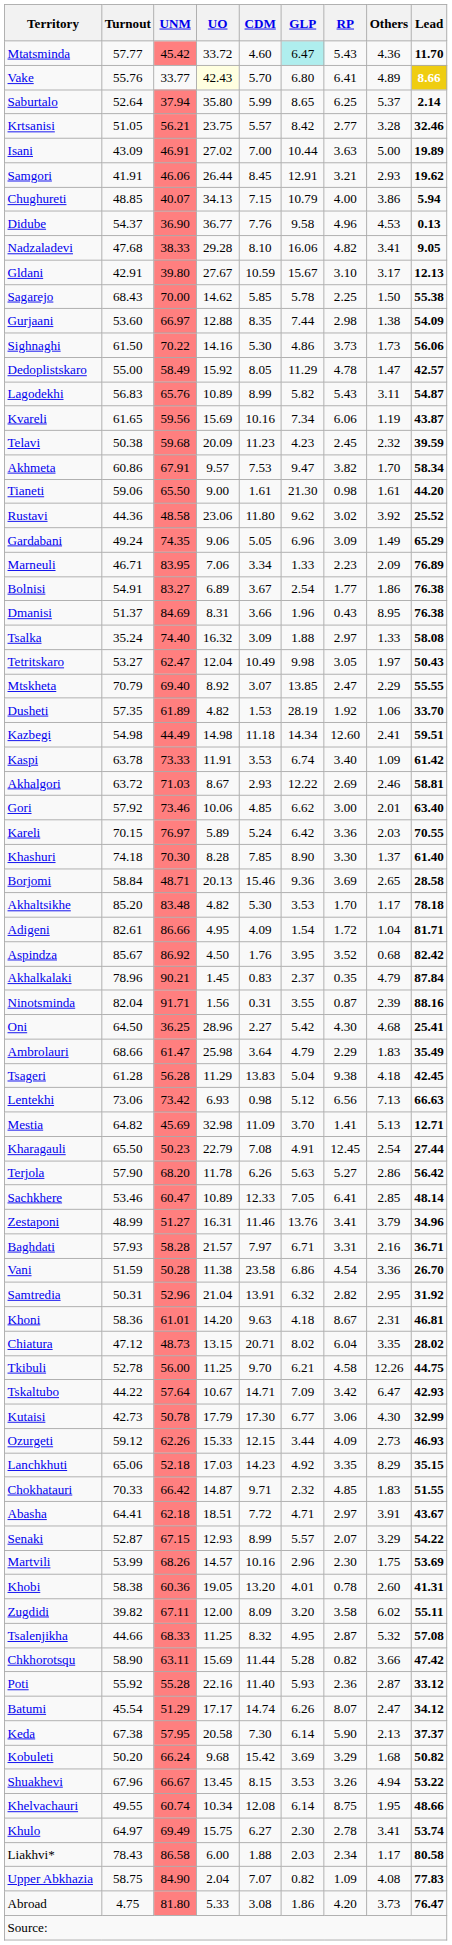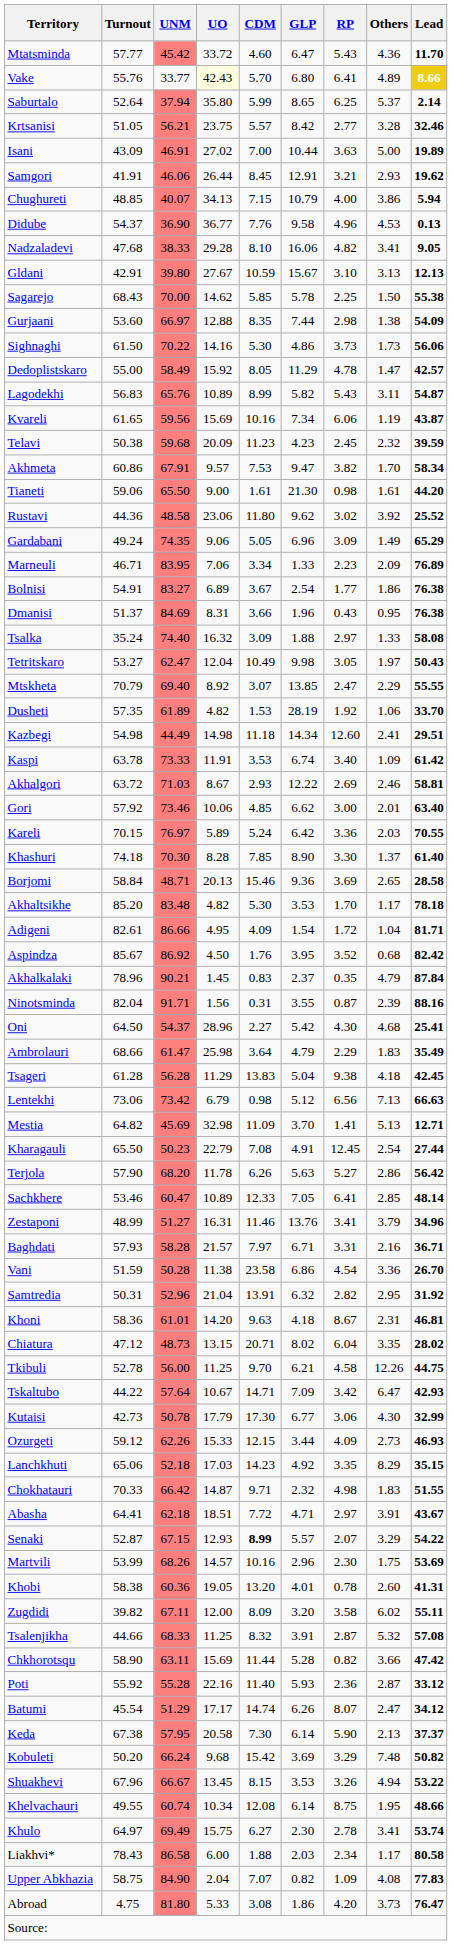 <table class="wikitable sortable" style="text-align:center;font-size:90%;line-height:20px">
 <tr style="height:40px;">
 <th style="width:100px;">Territory</th>
 <th style="width:40px;">Turnout</th>
 <th style="width:40px;"><a href='#'>UNM</a></th>
 <th style="width:40px;"><a href='#'>UO</a></th>
 <th style="width:40px;"><a href='#'>CDM</a></th>
 <th style="width:40px;"><a href='#'>GLP</a></th>
 <th style="width:40px;"><a href='#'>RP</a></th>
 <th style="width:40px;">Others</th>
 <th style="width:30px;">Lead</th>
 </tr>
 <tr>
 <td align="left"><a href='#'>Mtatsminda</a></td>
 <td>57.77</td>
 <td style="background:#FF7F7F;">45.42</td>
 <td>33.72</td>
 <td>4.60</td>
-<td style="background: paleturquoise;">6.47</td>
+<td>6.47</td>
 <td>5.43</td>
 <td>4.36</td>
 <td style="background:"><strong>11.70</strong></td>
 </tr>
 <tr>
 <td align="left"><a href='#'>Vake</a></td>
 <td>55.76</td>
 <td>33.77</td>
 <td style="background:#FFFFE0;">42.43</td>
 <td>5.70</td>
 <td>6.80</td>
 <td>6.41</td>
 <td>4.89</td>
 <td style="background:#EFCD10; color:white;"><strong>8.66</strong></td>
 </tr>
 <tr>
 <td align="left"><a href='#'>Saburtalo</a></td>
 <td>52.64</td>
 <td style="background:#FF7F7F;">37.94</td>
 <td>35.80</td>
 <td>5.99</td>
 <td>8.65</td>
 <td>6.25</td>
 <td>5.37</td>
 <td style="background:"><strong>2.14</strong></td>
 </tr>
 <tr>
 <td align="left"><a href='#'>Krtsanisi</a></td>
 <td>51.05</td>
 <td style="background:#FF7F7F;">56.21</td>
 <td>23.75</td>
 <td>5.57</td>
 <td>8.42</td>
 <td>2.77</td>
 <td>3.28</td>
 <td style="background:"><strong>32.46</strong></td>
 </tr>
 <tr>
 <td align="left"><a href='#'>Isani</a></td>
 <td>43.09</td>
 <td style="background:#FF7F7F;">46.91</td>
 <td>27.02</td>
 <td>7.00</td>
 <td>10.44</td>
 <td>3.63</td>
 <td>5.00</td>
 <td style="background:"><strong>19.89</strong></td>
 </tr>
 <tr>
 <td align="left"><a href='#'>Samgori</a></td>
 <td>41.91</td>
 <td style="background:#FF7F7F;">46.06</td>
 <td>26.44</td>
 <td>8.45</td>
 <td>12.91</td>
 <td>3.21</td>
 <td>2.93</td>
 <td style="background:"><strong>19.62</strong></td>
 </tr>
 <tr>
 <td align="left"><a href='#'>Chughureti</a></td>
 <td>48.85</td>
 <td style="background:#FF7F7F;">40.07</td>
 <td>34.13</td>
 <td>7.15</td>
 <td>10.79</td>
 <td>4.00</td>
 <td>3.86</td>
 <td style="background:"><strong>5.94</strong></td>
 </tr>
 <tr>
 <td align="left"><a href='#'>Didube</a></td>
 <td>54.37</td>
 <td style="background:#FF7F7F;">36.90</td>
 <td>36.77</td>
 <td>7.76</td>
 <td>9.58</td>
 <td>4.96</td>
 <td>4.53</td>
 <td style="background:"><strong>0.13</strong></td>
 </tr>
 <tr>
 <td align="left"><a href='#'>Nadzaladevi</a></td>
 <td>47.68</td>
 <td style="background:#FF7F7F;">38.33</td>
 <td>29.28</td>
 <td>8.10</td>
 <td>16.06</td>
 <td>4.82</td>
 <td>3.41</td>
 <td style="background:"><strong>9.05</strong></td>
 </tr>
 <tr>
 <td align="left"><a href='#'>Gldani</a></td>
 <td>42.91</td>
 <td style="background:#FF7F7F;">39.80</td>
 <td>27.67</td>
 <td>10.59</td>
 <td>15.67</td>
 <td>3.10</td>
-<td>3.17</td>
+<td>3.13</td>
 <td style="background:"><strong>12.13</strong></td>
 </tr>
 <tr>
 <td align="left"><a href='#'>Sagarejo</a></td>
 <td>68.43</td>
 <td style="background:#FF7F7F;">70.00</td>
 <td>14.62</td>
 <td>5.85</td>
 <td>5.78</td>
 <td>2.25</td>
 <td>1.50</td>
 <td style="background:"><strong>55.38</strong></td>
 </tr>
 <tr>
 <td align="left"><a href='#'>Gurjaani</a></td>
 <td>53.60</td>
 <td style="background:#FF7F7F;">66.97</td>
 <td>12.88</td>
 <td>8.35</td>
 <td>7.44</td>
 <td>2.98</td>
 <td>1.38</td>
 <td style="background:"><strong>54.09</strong></td>
 </tr>
 <tr>
 <td align="left"><a href='#'>Sighnaghi</a></td>
 <td>61.50</td>
 <td style="background:#FF7F7F;">70.22</td>
 <td>14.16</td>
 <td>5.30</td>
 <td>4.86</td>
 <td>3.73</td>
 <td>1.73</td>
 <td style="background:"><strong>56.06</strong></td>
 </tr>
 <tr>
 <td align="left"><a href='#'>Dedoplistskaro</a></td>
 <td>55.00</td>
 <td style="background:#FF7F7F;">58.49</td>
 <td>15.92</td>
 <td>8.05</td>
 <td>11.29</td>
 <td>4.78</td>
 <td>1.47</td>
 <td style="background:"><strong>42.57</strong></td>
 </tr>
 <tr>
 <td align="left"><a href='#'>Lagodekhi</a></td>
 <td>56.83</td>
 <td style="background:#FF7F7F;">65.76</td>
 <td>10.89</td>
 <td>8.99</td>
 <td>5.82</td>
 <td>5.43</td>
 <td>3.11</td>
 <td style="background:"><strong>54.87</strong></td>
 </tr>
 <tr>
 <td align="left"><a href='#'>Kvareli</a></td>
 <td>61.65</td>
 <td style="background:#FF7F7F;">59.56</td>
 <td>15.69</td>
 <td>10.16</td>
 <td>7.34</td>
 <td>6.06</td>
 <td>1.19</td>
 <td style="background:"><strong>43.87</strong></td>
 </tr>
 <tr>
 <td align="left"><a href='#'>Telavi</a></td>
 <td>50.38</td>
 <td style="background:#FF7F7F;">59.68</td>
 <td>20.09</td>
 <td>11.23</td>
 <td>4.23</td>
 <td>2.45</td>
 <td>2.32</td>
 <td style="background:"><strong>39.59</strong></td>
 </tr>
 <tr>
 <td align="left"><a href='#'>Akhmeta</a></td>
 <td>60.86</td>
 <td style="background:#FF7F7F;">67.91</td>
 <td>9.57</td>
 <td>7.53</td>
 <td>9.47</td>
 <td>3.82</td>
 <td>1.70</td>
 <td style="background:"><strong>58.34</strong></td>
 </tr>
 <tr>
 <td align="left"><a href='#'>Tianeti</a></td>
 <td>59.06</td>
 <td style="background:#FF7F7F;">65.50</td>
 <td>9.00</td>
 <td>1.61</td>
 <td>21.30</td>
 <td>0.98</td>
 <td>1.61</td>
 <td style="background:"><strong>44.20</strong></td>
 </tr>
 <tr>
 <td align="left"><a href='#'>Rustavi</a></td>
 <td>44.36</td>
 <td style="background:#FF7F7F;">48.58</td>
 <td>23.06</td>
 <td>11.80</td>
 <td>9.62</td>
 <td>3.02</td>
 <td>3.92</td>
 <td style="background:"><strong>25.52</strong></td>
 </tr>
 <tr>
 <td align="left"><a href='#'>Gardabani</a></td>
 <td>49.24</td>
 <td style="background:#FF7F7F;">74.35</td>
 <td>9.06</td>
 <td>5.05</td>
 <td>6.96</td>
 <td>3.09</td>
 <td>1.49</td>
 <td style="background:"><strong>65.29</strong></td>
 </tr>
 <tr>
 <td align="left"><a href='#'>Marneuli</a></td>
 <td>46.71</td>
 <td style="background:#FF7F7F;">83.95</td>
 <td>7.06</td>
 <td>3.34</td>
 <td>1.33</td>
 <td>2.23</td>
 <td>2.09</td>
 <td style="background:"><strong>76.89</strong></td>
 </tr>
 <tr>
 <td align="left"><a href='#'>Bolnisi</a></td>
 <td>54.91</td>
 <td style="background:#FF7F7F;">83.27</td>
 <td>6.89</td>
 <td>3.67</td>
 <td>2.54</td>
 <td>1.77</td>
 <td>1.86</td>
 <td style="background:"><strong>76.38</strong></td>
 </tr>
 <tr>
 <td align="left"><a href='#'>Dmanisi</a></td>
 <td>51.37</td>
 <td style="background:#FF7F7F;">84.69</td>
 <td>8.31</td>
 <td>3.66</td>
 <td>1.96</td>
 <td>0.43</td>
-<td>8.95</td>
+<td>0.95</td>
 <td style="background:"><strong>76.38</strong></td>
 </tr>
 <tr>
 <td align="left"><a href='#'>Tsalka</a></td>
 <td>35.24</td>
 <td style="background:#FF7F7F;">74.40</td>
 <td>16.32</td>
 <td>3.09</td>
 <td>1.88</td>
 <td>2.97</td>
 <td>1.33</td>
 <td style="background:"><strong>58.08</strong></td>
 </tr>
 <tr>
 <td align="left"><a href='#'>Tetritskaro</a></td>
 <td>53.27</td>
 <td style="background:#FF7F7F;">62.47</td>
 <td>12.04</td>
 <td>10.49</td>
 <td>9.98</td>
 <td>3.05</td>
 <td>1.97</td>
 <td style="background:"><strong>50.43</strong></td>
 </tr>
 <tr>
 <td align="left"><a href='#'>Mtskheta</a></td>
 <td>70.79</td>
 <td style="background:#FF7F7F;">69.40</td>
 <td>8.92</td>
 <td>3.07</td>
 <td>13.85</td>
 <td>2.47</td>
 <td>2.29</td>
 <td style="background:"><strong>55.55</strong></td>
 </tr>
 <tr>
 <td align="left"><a href='#'>Dusheti</a></td>
 <td>57.35</td>
 <td style="background:#FF7F7F;">61.89</td>
 <td>4.82</td>
 <td>1.53</td>
 <td>28.19</td>
 <td>1.92</td>
 <td>1.06</td>
 <td style="background:"><strong>33.70</strong></td>
 </tr>
 <tr>
 <td align="left"><a href='#'>Kazbegi</a></td>
 <td>54.98</td>
 <td style="background:#FF7F7F;">44.49</td>
 <td>14.98</td>
 <td>11.18</td>
 <td>14.34</td>
 <td>12.60</td>
 <td>2.41</td>
-<td style="background:"><strong>59.51</strong></td>
+<td style="background:"><strong>29.51</strong></td>
 </tr>
 <tr>
 <td align="left"><a href='#'>Kaspi</a></td>
 <td>63.78</td>
 <td style="background:#FF7F7F;">73.33</td>
 <td>11.91</td>
 <td>3.53</td>
 <td>6.74</td>
 <td>3.40</td>
 <td>1.09</td>
 <td style="background:"><strong>61.42</strong></td>
 </tr>
 <tr>
 <td align="left"><a href='#'>Akhalgori</a></td>
 <td>63.72</td>
 <td style="background:#FF7F7F;">71.03</td>
 <td>8.67</td>
 <td>2.93</td>
 <td>12.22</td>
 <td>2.69</td>
 <td>2.46</td>
 <td style="background:"><strong>58.81</strong></td>
 </tr>
 <tr>
 <td align="left"><a href='#'>Gori</a></td>
 <td>57.92</td>
 <td style="background:#FF7F7F;">73.46</td>
 <td>10.06</td>
 <td>4.85</td>
 <td>6.62</td>
 <td>3.00</td>
 <td>2.01</td>
 <td style="background:"><strong>63.40</strong></td>
 </tr>
 <tr>
 <td align="left"><a href='#'>Kareli</a></td>
 <td>70.15</td>
 <td style="background:#FF7F7F;">76.97</td>
 <td>5.89</td>
 <td>5.24</td>
 <td>6.42</td>
 <td>3.36</td>
 <td>2.03</td>
 <td style="background:"><strong>70.55</strong></td>
 </tr>
 <tr>
 <td align="left"><a href='#'>Khashuri</a></td>
 <td>74.18</td>
 <td style="background:#FF7F7F;">70.30</td>
 <td>8.28</td>
 <td>7.85</td>
 <td>8.90</td>
 <td>3.30</td>
 <td>1.37</td>
 <td style="background:"><strong>61.40</strong></td>
 </tr>
 <tr>
 <td align="left"><a href='#'>Borjomi</a></td>
 <td>58.84</td>
 <td style="background:#FF7F7F;">48.71</td>
 <td>20.13</td>
 <td>15.46</td>
 <td>9.36</td>
 <td>3.69</td>
 <td>2.65</td>
 <td style="background:"><strong>28.58</strong></td>
 </tr>
 <tr>
 <td align="left"><a href='#'>Akhaltsikhe</a></td>
 <td>85.20</td>
 <td style="background:#FF7F7F;">83.48</td>
 <td>4.82</td>
 <td>5.30</td>
 <td>3.53</td>
 <td>1.70</td>
 <td>1.17</td>
 <td style="background:"><strong>78.18</strong></td>
 </tr>
 <tr>
 <td align="left"><a href='#'>Adigeni</a></td>
 <td>82.61</td>
 <td style="background:#FF7F7F;">86.66</td>
 <td>4.95</td>
 <td>4.09</td>
 <td>1.54</td>
 <td>1.72</td>
 <td>1.04</td>
 <td style="background:"><strong>81.71</strong></td>
 </tr>
 <tr>
 <td align="left"><a href='#'>Aspindza</a></td>
 <td>85.67</td>
 <td style="background:#FF7F7F;">86.92</td>
 <td>4.50</td>
 <td>1.76</td>
 <td>3.95</td>
 <td>3.52</td>
 <td>0.68</td>
 <td style="background:"><strong>82.42</strong></td>
 </tr>
 <tr>
 <td align="left"><a href='#'>Akhalkalaki</a></td>
 <td>78.96</td>
 <td style="background:#FF7F7F;">90.21</td>
 <td>1.45</td>
 <td>0.83</td>
 <td>2.37</td>
 <td>0.35</td>
 <td>4.79</td>
 <td style="background:"><strong>87.84</strong></td>
 </tr>
 <tr>
 <td align="left"><a href='#'>Ninotsminda</a></td>
 <td>82.04</td>
 <td style="background:#FF7F7F;">91.71</td>
 <td>1.56</td>
 <td>0.31</td>
 <td>3.55</td>
 <td>0.87</td>
 <td>2.39</td>
 <td style="background:"><strong>88.16</strong></td>
 </tr>
 <tr>
 <td align="left"><a href='#'>Oni</a></td>
 <td>64.50</td>
-<td style="background:#FF7F7F;">36.25</td>
+<td style="background:#FF7F7F;">54.37</td>
 <td>28.96</td>
 <td>2.27</td>
 <td>5.42</td>
 <td>4.30</td>
 <td>4.68</td>
 <td style="background:"><strong>25.41</strong></td>
 </tr>
 <tr>
 <td align="left"><a href='#'>Ambrolauri</a></td>
 <td>68.66</td>
 <td style="background:#FF7F7F;">61.47</td>
 <td>25.98</td>
 <td>3.64</td>
 <td>4.79</td>
 <td>2.29</td>
 <td>1.83</td>
 <td style="background:"><strong>35.49</strong></td>
 </tr>
 <tr>
 <td align="left"><a href='#'>Tsageri</a></td>
 <td>61.28</td>
 <td style="background:#FF7F7F;">56.28</td>
 <td>11.29</td>
 <td>13.83</td>
 <td>5.04</td>
 <td>9.38</td>
 <td>4.18</td>
 <td style="background:"><strong>42.45</strong></td>
 </tr>
 <tr>
 <td align="left"><a href='#'>Lentekhi</a></td>
 <td>73.06</td>
 <td style="background:#FF7F7F;">73.42</td>
-<td>6.93</td>
+<td>6.79</td>
 <td>0.98</td>
 <td>5.12</td>
 <td>6.56</td>
 <td>7.13</td>
 <td style="background:"><strong>66.63</strong></td>
 </tr>
 <tr>
 <td align="left"><a href='#'>Mestia</a></td>
 <td>64.82</td>
 <td style="background:#FF7F7F;">45.69</td>
 <td>32.98</td>
 <td>11.09</td>
 <td>3.70</td>
 <td>1.41</td>
 <td>5.13</td>
 <td style="background:"><strong>12.71</strong></td>
 </tr>
 <tr>
 <td align="left"><a href='#'>Kharagauli</a></td>
 <td>65.50</td>
 <td style="background:#FF7F7F;">50.23</td>
 <td>22.79</td>
 <td>7.08</td>
 <td>4.91</td>
 <td>12.45</td>
 <td>2.54</td>
 <td style="background:"><strong>27.44</strong></td>
 </tr>
 <tr>
 <td align="left"><a href='#'>Terjola</a></td>
 <td>57.90</td>
 <td style="background:#FF7F7F;">68.20</td>
 <td>11.78</td>
 <td>6.26</td>
 <td>5.63</td>
 <td>5.27</td>
 <td>2.86</td>
 <td style="background:"><strong>56.42</strong></td>
 </tr>
 <tr>
 <td align="left"><a href='#'>Sachkhere</a></td>
 <td>53.46</td>
 <td style="background:#FF7F7F;">60.47</td>
 <td>10.89</td>
 <td>12.33</td>
 <td>7.05</td>
 <td>6.41</td>
 <td>2.85</td>
 <td style="background:"><strong>48.14</strong></td>
 </tr>
 <tr>
 <td align="left"><a href='#'>Zestaponi</a></td>
 <td>48.99</td>
 <td style="background:#FF7F7F;">51.27</td>
 <td>16.31</td>
 <td>11.46</td>
 <td>13.76</td>
 <td>3.41</td>
 <td>3.79</td>
 <td style="background:"><strong>34.96</strong></td>
 </tr>
 <tr>
 <td align="left"><a href='#'>Baghdati</a></td>
 <td>57.93</td>
 <td style="background:#FF7F7F;">58.28</td>
 <td>21.57</td>
 <td>7.97</td>
 <td>6.71</td>
 <td>3.31</td>
 <td>2.16</td>
 <td style="background:"><strong>36.71</strong></td>
 </tr>
 <tr>
 <td align="left"><a href='#'>Vani</a></td>
 <td>51.59</td>
 <td style="background:#FF7F7F;">50.28</td>
 <td>11.38</td>
 <td>23.58</td>
 <td>6.86</td>
 <td>4.54</td>
 <td>3.36</td>
 <td style="background:"><strong>26.70</strong></td>
 </tr>
 <tr>
 <td align="left"><a href='#'>Samtredia</a></td>
 <td>50.31</td>
 <td style="background:#FF7F7F;">52.96</td>
 <td>21.04</td>
 <td>13.91</td>
 <td>6.32</td>
 <td>2.82</td>
 <td>2.95</td>
 <td style="background:"><strong>31.92</strong></td>
 </tr>
 <tr>
 <td align="left"><a href='#'>Khoni</a></td>
 <td>58.36</td>
 <td style="background:#FF7F7F;">61.01</td>
 <td>14.20</td>
 <td>9.63</td>
 <td>4.18</td>
 <td>8.67</td>
 <td>2.31</td>
 <td style="background:"><strong>46.81</strong></td>
 </tr>
 <tr>
 <td align="left"><a href='#'>Chiatura</a></td>
 <td>47.12</td>
 <td style="background:#FF7F7F;">48.73</td>
 <td>13.15</td>
 <td>20.71</td>
 <td>8.02</td>
 <td>6.04</td>
 <td>3.35</td>
 <td style="background:"><strong>28.02</strong></td>
 </tr>
 <tr>
 <td align="left"><a href='#'>Tkibuli</a></td>
 <td>52.78</td>
 <td style="background:#FF7F7F;">56.00</td>
 <td>11.25</td>
 <td>9.70</td>
 <td>6.21</td>
 <td>4.58</td>
 <td>12.26</td>
 <td style="background:"><strong>44.75</strong></td>
 </tr>
 <tr>
 <td align="left"><a href='#'>Tskaltubo</a></td>
 <td>44.22</td>
 <td style="background:#FF7F7F;">57.64</td>
 <td>10.67</td>
 <td>14.71</td>
 <td>7.09</td>
 <td>3.42</td>
 <td>6.47</td>
 <td style="background:"><strong>42.93</strong></td>
 </tr>
 <tr>
 <td align="left"><a href='#'>Kutaisi</a></td>
 <td>42.73</td>
 <td style="background:#FF7F7F;">50.78</td>
 <td>17.79</td>
 <td>17.30</td>
 <td>6.77</td>
 <td>3.06</td>
 <td>4.30</td>
 <td style="background:"><strong>32.99</strong></td>
 </tr>
 <tr>
 <td align="left"><a href='#'>Ozurgeti</a></td>
 <td>59.12</td>
 <td style="background:#FF7F7F;">62.26</td>
 <td>15.33</td>
 <td>12.15</td>
 <td>3.44</td>
 <td>4.09</td>
 <td>2.73</td>
 <td style="background:"><strong>46.93</strong></td>
 </tr>
 <tr>
 <td align="left"><a href='#'>Lanchkhuti</a></td>
 <td>65.06</td>
 <td style="background:#FF7F7F;">52.18</td>
 <td>17.03</td>
 <td>14.23</td>
 <td>4.92</td>
 <td>3.35</td>
 <td>8.29</td>
 <td style="background:"><strong>35.15</strong></td>
 </tr>
 <tr>
 <td align="left"><a href='#'>Chokhatauri</a></td>
 <td>70.33</td>
 <td style="background:#FF7F7F;">66.42</td>
 <td>14.87</td>
 <td>9.71</td>
 <td>2.32</td>
-<td>4.85</td>
+<td>4.98</td>
 <td>1.83</td>
 <td style="background:"><strong>51.55</strong></td>
 </tr>
 <tr>
 <td align="left"><a href='#'>Abasha</a></td>
 <td>64.41</td>
 <td style="background:#FF7F7F;">62.18</td>
 <td>18.51</td>
 <td>7.72</td>
 <td>4.71</td>
 <td>2.97</td>
 <td>3.91</td>
 <td style="background:"><strong>43.67</strong></td>
 </tr>
 <tr>
 <td align="left"><a href='#'>Senaki</a></td>
 <td>52.87</td>
 <td style="background:#FF7F7F;">67.15</td>
 <td>12.93</td>
-<td>8.99</td>
+<td><strong>8.99</strong></td>
 <td>5.57</td>
 <td>2.07</td>
 <td>3.29</td>
 <td style="background:"><strong>54.22</strong></td>
 </tr>
 <tr>
 <td align="left"><a href='#'>Martvili</a></td>
 <td>53.99</td>
 <td style="background:#FF7F7F;">68.26</td>
 <td>14.57</td>
 <td>10.16</td>
 <td>2.96</td>
 <td>2.30</td>
 <td>1.75</td>
 <td style="background:"><strong>53.69</strong></td>
 </tr>
 <tr>
 <td align="left"><a href='#'>Khobi</a></td>
 <td>58.38</td>
 <td style="background:#FF7F7F;">60.36</td>
 <td>19.05</td>
 <td>13.20</td>
 <td>4.01</td>
 <td>0.78</td>
 <td>2.60</td>
 <td style="background:"><strong>41.31</strong></td>
 </tr>
 <tr>
 <td align="left"><a href='#'>Zugdidi</a></td>
 <td>39.82</td>
 <td style="background:#FF7F7F;">67.11</td>
 <td>12.00</td>
 <td>8.09</td>
 <td>3.20</td>
 <td>3.58</td>
 <td>6.02</td>
 <td style="background:"><strong>55.11</strong></td>
 </tr>
 <tr>
 <td align="left"><a href='#'>Tsalenjikha</a></td>
 <td>44.66</td>
 <td style="background:#FF7F7F;">68.33</td>
 <td>11.25</td>
 <td>8.32</td>
-<td>4.95</td>
+<td>3.91</td>
 <td>2.87</td>
 <td>5.32</td>
 <td style="background:"><strong>57.08</strong></td>
 </tr>
 <tr>
 <td align="left"><a href='#'>Chkhorotsqu</a></td>
 <td>58.90</td>
 <td style="background:#FF7F7F;">63.11</td>
 <td>15.69</td>
 <td>11.44</td>
 <td>5.28</td>
 <td>0.82</td>
 <td>3.66</td>
 <td style="background:"><strong>47.42</strong></td>
 </tr>
 <tr>
 <td align="left"><a href='#'>Poti</a></td>
 <td>55.92</td>
 <td style="background:#FF7F7F;">55.28</td>
 <td>22.16</td>
 <td>11.40</td>
 <td>5.93</td>
 <td>2.36</td>
 <td>2.87</td>
 <td style="background:"><strong>33.12</strong></td>
 </tr>
 <tr>
 <td align="left"><a href='#'>Batumi</a></td>
 <td>45.54</td>
 <td style="background:#FF7F7F;">51.29</td>
 <td>17.17</td>
 <td>14.74</td>
 <td>6.26</td>
 <td>8.07</td>
 <td>2.47</td>
 <td style="background:"><strong>34.12</strong></td>
 </tr>
 <tr>
 <td align="left"><a href='#'>Keda</a></td>
 <td>67.38</td>
 <td style="background:#FF7F7F;">57.95</td>
 <td>20.58</td>
 <td>7.30</td>
 <td>6.14</td>
 <td>5.90</td>
 <td>2.13</td>
 <td style="background:"><strong>37.37</strong></td>
 </tr>
 <tr>
 <td align="left"><a href='#'>Kobuleti</a></td>
 <td>50.20</td>
 <td style="background:#FF7F7F;">66.24</td>
 <td>9.68</td>
 <td>15.42</td>
 <td>3.69</td>
 <td>3.29</td>
-<td>1.68</td>
+<td>7.48</td>
 <td style="background:"><strong>50.82</strong></td>
 </tr>
 <tr>
 <td align="left"><a href='#'>Shuakhevi</a></td>
 <td>67.96</td>
 <td style="background:#FF7F7F;">66.67</td>
 <td>13.45</td>
 <td>8.15</td>
 <td>3.53</td>
 <td>3.26</td>
 <td>4.94</td>
 <td style="background:"><strong>53.22</strong></td>
 </tr>
 <tr>
 <td align="left"><a href='#'>Khelvachauri</a></td>
 <td>49.55</td>
 <td style="background:#FF7F7F;">60.74</td>
 <td>10.34</td>
 <td>12.08</td>
 <td>6.14</td>
 <td>8.75</td>
 <td>1.95</td>
 <td style="background:"><strong>48.66</strong></td>
 </tr>
 <tr>
 <td align="left"><a href='#'>Khulo</a></td>
 <td>64.97</td>
 <td style="background:#FF7F7F;">69.49</td>
 <td>15.75</td>
 <td>6.27</td>
 <td>2.30</td>
 <td>2.78</td>
 <td>3.41</td>
 <td style="background:"><strong>53.74</strong></td>
 </tr>
 <tr>
 <td align="left">Liakhvi*</td>
 <td>78.43</td>
 <td style="background:#FF7F7F;">86.58</td>
 <td>6.00</td>
 <td>1.88</td>
 <td>2.03</td>
 <td>2.34</td>
 <td>1.17</td>
 <td style="background:"><strong>80.58</strong></td>
 </tr>
 <tr>
 <td align="left"><a href='#'>Upper Abkhazia</a></td>
 <td>58.75</td>
 <td style="background:#FF7F7F;">84.90</td>
 <td>2.04</td>
 <td>7.07</td>
 <td>0.82</td>
 <td>1.09</td>
 <td>4.08</td>
 <td style="background:"><strong>77.83</strong></td>
 </tr>
 <tr>
 <td align="left">Abroad</td>
 <td>4.75</td>
 <td style="background:#FF7F7F;">81.80</td>
 <td>5.33</td>
 <td>3.08</td>
 <td>1.86</td>
 <td>4.20</td>
 <td>3.73</td>
 <td style="background:"><strong>76.47</strong></td>
 </tr>
 <tr>
 <td align=left colspan=10>Source:  </td>
 </tr>
 </table>
